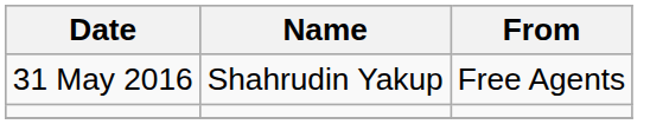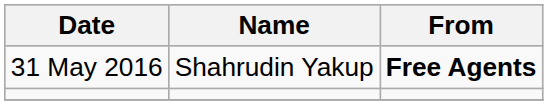 <table class="wikitable sortable">
 <tr>
 <th style="background:;">Date</th>
 <th style="background:;">Name</th>
 <th style="background:;">From</th>
 </tr>
 <tr>
 <td>31 May 2016</td>
 <td> Shahrudin Yakup</td>
-<td>Free Agents</td>
+<td><strong>Free Agents</strong></td>
 </tr>
 <tr>
 <td></td>
 <td></td>
 <td></td>
 </tr>
 <tr>
 </tr>
 </table>
